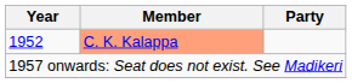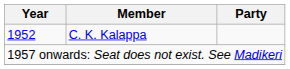 <table class="wikitable sortable">
 <tr>
 <th>Year</th>
 <th>Member</th>
 <th colspan="2">Party</th>
 </tr>
 <tr>
 <td><a href='#'>1952</a></td>
-<td style="background: lightsalmon;"><a href='#'>C. K. Kalappa</a></td>
+<td><a href='#'>C. K. Kalappa</a></td>
 <td></td>
 </tr>
 <tr>
 <td colspan=5 align=center>1957 onwards: <em>Seat does not exist. See <a href='#'>Madikeri</a></em></td>
 </tr>
 <tr>
 </tr>
 </table>
